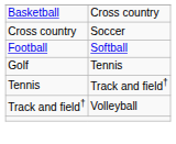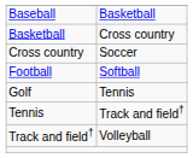 <table class="wikitable" style="float:right; clear:right; margin:0 0 1em 1em;">
 <tr>
+</tr>
+<tr>
+<td><a href='#'>Baseball</a></td>
+<td><a href='#'>Basketball</a></td>
 </tr>
 <tr>
 <td><a href='#'>Basketball</a></td>
 <td>Cross country</td>
 </tr>
 <tr>
 <td>Cross country</td>
 <td>Soccer</td>
 </tr>
 <tr>
 <td><a href='#'>Football</a></td>
 <td><a href='#'>Softball</a></td>
 </tr>
 <tr>
 <td>Golf</td>
 <td>Tennis</td>
 </tr>
 <tr>
 <td>Tennis</td>
 <td>Track and field<sup>†</sup></td>
 </tr>
 <tr>
 <td>Track and field<sup>†</sup></td>
 <td>Volleyball</td>
 </tr>
 <tr>
 <td colspan="2"></td>
 </tr>
 </table>
